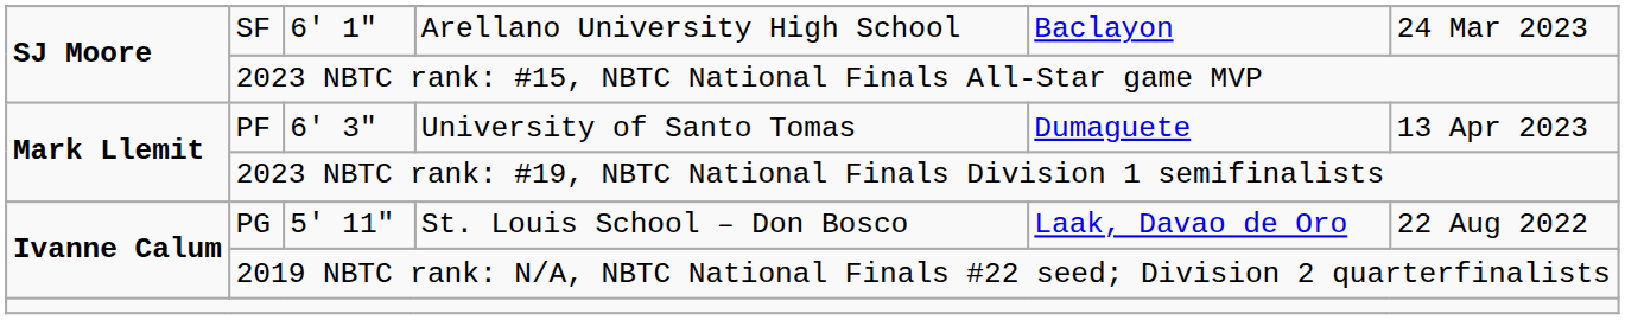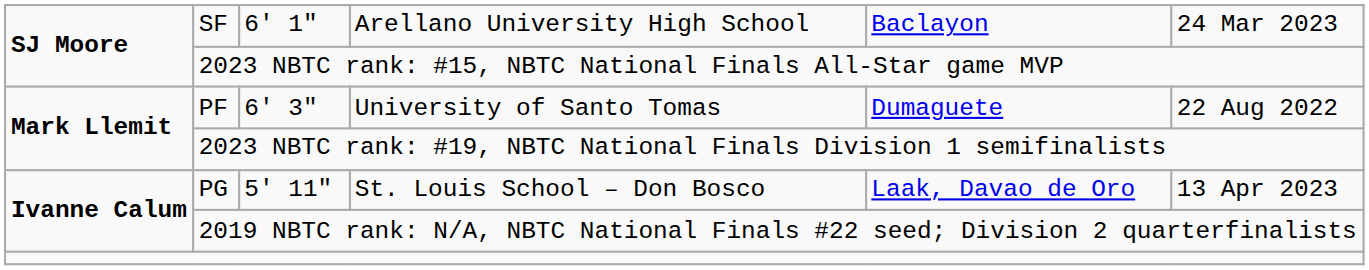 <table class=wikitable style="font-size:90%">
 <tr>
 <td rowspan=2><strong>SJ Moore</strong></td>
 <td>SF</td>
 <td>6' 1"</td>
 <td>Arellano University High School</td>
 <td><a href='#'>Baclayon</a></td>
 <td>24 Mar 2023</td>
 </tr>
 <tr>
 <td colspan=5>2023 NBTC rank: #15, NBTC National Finals All-Star game MVP</td>
 </tr>
 <tr>
 <td rowspan=2><strong>Mark Llemit</strong></td>
 <td>PF</td>
 <td>6' 3"</td>
 <td>University of Santo Tomas</td>
 <td><a href='#'>Dumaguete</a></td>
-<td>13 Apr 2023</td>
+<td>22 Aug 2022</td>
 </tr>
 <tr>
 <td colspan=5>2023 NBTC rank: #19, NBTC National Finals Division 1 semifinalists</td>
 </tr>
 <tr>
 <td rowspan=2><strong>Ivanne Calum</strong></td>
 <td>PG</td>
 <td>5' 11"</td>
 <td>St. Louis School – Don Bosco</td>
 <td><a href='#'>Laak, Davao de Oro</a></td>
-<td>22 Aug 2022</td>
+<td>13 Apr 2023</td>
 </tr>
 <tr>
 <td colspan=5>2019 NBTC rank: N/A, NBTC National Finals  #22 seed; Division 2 quarterfinalists</td>
 </tr>
 <tr>
 <td colspan=6></td>
 </tr>
 </table>
